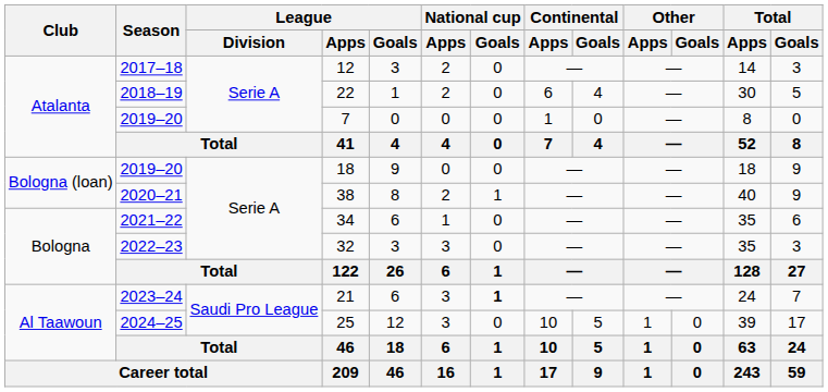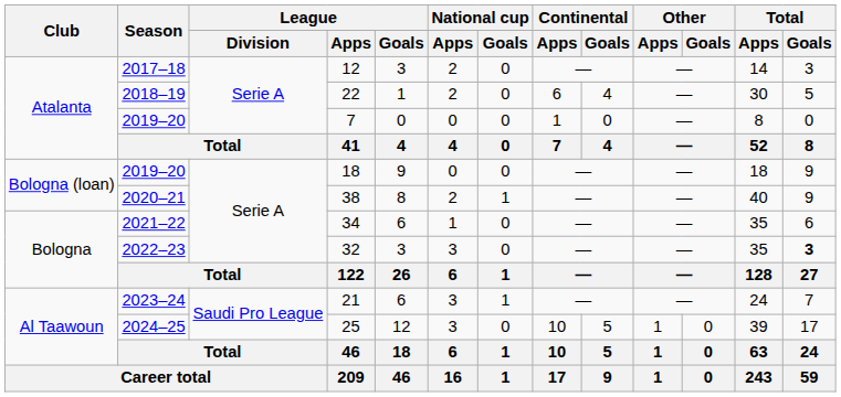 <table class="wikitable" style="text-align: center">
 <tr>
 <th rowspan="2">Club</th>
 <th rowspan="2">Season</th>
 <th colspan="3">League</th>
 <th colspan="2">National cup</th>
 <th colspan="2">Continental</th>
 <th colspan="2">Other</th>
 <th colspan="2">Total</th>
 </tr>
 <tr>
 <th>Division</th>
 <th>Apps</th>
 <th>Goals</th>
 <th>Apps</th>
 <th>Goals</th>
 <th>Apps</th>
 <th>Goals</th>
 <th>Apps</th>
 <th>Goals</th>
 <th>Apps</th>
 <th>Goals</th>
 </tr>
 <tr>
 <td rowspan="4"><a href='#'>Atalanta</a></td>
 <td><a href='#'>2017–18</a></td>
 <td rowspan="3"><a href='#'>Serie A</a></td>
 <td>12</td>
 <td>3</td>
 <td>2</td>
 <td>0</td>
 <td colspan="2">—</td>
 <td colspan="2">—</td>
 <td>14</td>
 <td>3</td>
 </tr>
 <tr>
 <td><a href='#'>2018–19</a></td>
 <td>22</td>
 <td>1</td>
 <td>2</td>
 <td>0</td>
 <td>6</td>
 <td>4</td>
 <td colspan="2">—</td>
 <td>30</td>
 <td>5</td>
 </tr>
 <tr>
 <td><a href='#'>2019–20</a></td>
 <td>7</td>
 <td>0</td>
 <td>0</td>
 <td>0</td>
 <td>1</td>
 <td>0</td>
 <td colspan="2">—</td>
 <td>8</td>
 <td>0</td>
 </tr>
 <tr>
 <th colspan="2">Total</th>
 <th>41</th>
 <th>4</th>
 <th>4</th>
 <th>0</th>
 <th>7</th>
 <th>4</th>
 <th colspan="2">—</th>
 <th>52</th>
 <th>8</th>
 </tr>
 <tr>
 <td rowspan="2"><a href='#'>Bologna</a> (loan)</td>
 <td><a href='#'>2019–20</a></td>
 <td rowspan="4">Serie A</td>
 <td>18</td>
 <td>9</td>
 <td>0</td>
 <td>0</td>
 <td colspan="2">—</td>
 <td colspan="2">—</td>
 <td>18</td>
 <td>9</td>
 </tr>
 <tr>
 <td><a href='#'>2020–21</a></td>
 <td>38</td>
 <td>8</td>
 <td>2</td>
 <td>1</td>
 <td colspan="2">—</td>
 <td colspan="2">—</td>
 <td>40</td>
 <td>9</td>
 </tr>
 <tr>
 <td rowspan="3">Bologna</td>
 <td><a href='#'>2021–22</a></td>
 <td>34</td>
 <td>6</td>
 <td>1</td>
 <td>0</td>
 <td colspan="2">—</td>
 <td colspan="2">—</td>
 <td>35</td>
 <td>6</td>
 </tr>
 <tr>
 <td><a href='#'>2022–23</a></td>
 <td>32</td>
 <td>3</td>
 <td>3</td>
 <td>0</td>
 <td colspan="2">—</td>
 <td colspan="2">—</td>
 <td>35</td>
-<td>3</td>
+<td><strong>3</strong></td>
 </tr>
 <tr>
 <th colspan="2">Total</th>
 <th>122</th>
 <th>26</th>
 <th>6</th>
 <th>1</th>
 <th colspan="2">—</th>
 <th colspan="2">—</th>
 <th>128</th>
 <th>27</th>
 </tr>
 <tr>
 <td rowspan="3"><a href='#'>Al Taawoun</a></td>
 <td><a href='#'>2023–24</a></td>
 <td rowspan="2"><a href='#'>Saudi Pro League</a></td>
 <td>21</td>
 <td>6</td>
 <td>3</td>
-<td><strong>1</strong></td>
+<td>1</td>
 <td colspan="2">—</td>
 <td colspan="2">—</td>
 <td>24</td>
 <td>7</td>
 </tr>
 <tr>
 <td><a href='#'>2024–25</a></td>
 <td>25</td>
 <td>12</td>
 <td>3</td>
 <td>0</td>
 <td>10</td>
 <td>5</td>
 <td>1</td>
 <td>0</td>
 <td>39</td>
 <td>17</td>
 </tr>
 <tr>
 <th colspan="2">Total</th>
 <th>46</th>
 <th>18</th>
 <th>6</th>
 <th>1</th>
 <th>10</th>
 <th>5</th>
 <th>1</th>
 <th>0</th>
 <th>63</th>
 <th>24</th>
 </tr>
 <tr>
 <th colspan="3">Career total</th>
 <th>209</th>
 <th>46</th>
 <th>16</th>
 <th>1</th>
 <th>17</th>
 <th>9</th>
 <th>1</th>
 <th>0</th>
 <th>243</th>
 <th>59</th>
 </tr>
 </table>
